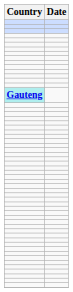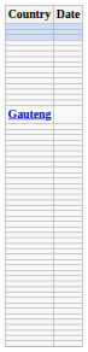 <table class="sortable wikitable">
 <tr>
 <th>Country</th>
 <th>Date</th>
 </tr>
 <tr style="background:#ccddff;">
 <td></td>
 <td></td>
 </tr>
 <tr style="background:#ccddff;">
 <td></td>
 <td></td>
 </tr>
 <tr style="background:#ccddff;">
 <td><strong></strong></td>
 <td></td>
 </tr>
 <tr>
 <td></td>
 <td></td>
 </tr>
 <tr>
 <td></td>
 <td></td>
 </tr>
 <tr>
 <td></td>
 <td></td>
 </tr>
 <tr>
 <td></td>
 <td></td>
 </tr>
 <tr>
 <td><strong></strong></td>
 <td></td>
 </tr>
 <tr>
 <td></td>
 <td></td>
 </tr>
 <tr>
 <td></td>
 <td></td>
 </tr>
 <tr>
 <td></td>
 <td></td>
 </tr>
 <tr>
 <td></td>
 <td></td>
 </tr>
 <tr>
 <td></td>
 <td></td>
 </tr>
 <tr>
 <td><strong></strong></td>
 <td></td>
 </tr>
 <tr>
 <td><strong></strong></td>
 <td></td>
 </tr>
 <tr>
-<td style="background: paleturquoise;"><strong><a href='#'>Gauteng</a></strong></td>
+<td><strong><a href='#'>Gauteng</a></strong></td>
 <td></td>
 </tr>
 <tr>
 <td></td>
 <td></td>
 </tr>
 <tr>
 <td><strong></strong></td>
 <td></td>
 </tr>
 <tr>
 <td></td>
 <td></td>
 </tr>
 <tr>
 <td><strong></strong></td>
 <td></td>
 </tr>
 <tr>
 <td><strong></strong></td>
 <td></td>
 </tr>
 <tr>
 <td></td>
 <td></td>
 </tr>
 <tr>
 <td></td>
 <td></td>
 </tr>
 <tr>
 <td></td>
 <td></td>
 </tr>
 <tr>
 <td></td>
 <td></td>
 </tr>
 <tr>
 <td></td>
 <td></td>
 </tr>
 <tr>
 <td></td>
 <td></td>
 </tr>
 <tr>
 <td></td>
 <td></td>
 </tr>
 <tr>
 <td></td>
 <td></td>
 </tr>
 <tr>
 <td></td>
 <td></td>
 </tr>
 <tr>
 <td></td>
 <td></td>
 </tr>
 <tr>
 <td></td>
 <td></td>
 </tr>
 <tr>
 <td></td>
 <td></td>
 </tr>
 <tr>
 <td></td>
 <td></td>
 </tr>
 <tr>
 <td></td>
 <td></td>
 </tr>
 <tr>
 <td></td>
 <td></td>
 </tr>
 <tr>
 <td></td>
 <td></td>
 </tr>
 <tr>
 <td></td>
 <td></td>
 </tr>
 <tr>
 <td></td>
 <td></td>
 </tr>
 <tr>
 <td></td>
 <td></td>
 </tr>
 <tr>
 <td></td>
 <td></td>
 </tr>
 <tr>
 <td></td>
 <td></td>
 </tr>
 <tr>
 <td></td>
 <td></td>
 </tr>
 <tr>
 <td></td>
 <td></td>
 </tr>
 <tr>
 <td></td>
 <td></td>
 </tr>
 <tr>
 <td></td>
 <td></td>
 </tr>
 <tr>
 <td></td>
 <td></td>
 </tr>
 <tr>
 <td></td>
 <td></td>
 </tr>
 <tr>
 <td></td>
 <td></td>
 </tr>
 <tr>
 <td></td>
 <td></td>
 </tr>
 <tr>
 <td></td>
 <td></td>
 </tr>
 <tr>
 <td></td>
 <td></td>
 </tr>
 <tr>
 <td></td>
 <td></td>
 </tr>
 <tr>
 <td></td>
 <td></td>
 </tr>
 <tr>
 <td></td>
 <td></td>
 </tr>
 <tr>
 <td></td>
 <td></td>
 </tr>
 <tr>
 <td></td>
 <td></td>
 </tr>
 <tr>
 </tr>
 </table>
